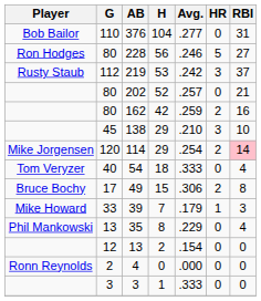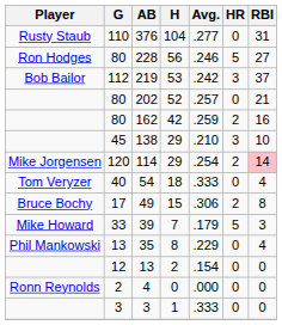 <table class="wikitable sortable">
 <tr>
 <th>Player</th>
 <th>G</th>
 <th>AB</th>
 <th>H</th>
 <th>Avg.</th>
 <th>HR</th>
 <th>RBI</th>
 </tr>
 <tr align="center">
-<td><a href='#'>Bob Bailor</a></td>
+<td><a href='#'>Rusty Staub</a></td>
 <td>110</td>
 <td>376</td>
 <td>104</td>
 <td>.277</td>
 <td>0</td>
 <td>31</td>
 </tr>
 <tr align=center>
 <td><a href='#'>Ron Hodges</a></td>
 <td>80</td>
 <td>228</td>
 <td>56</td>
 <td>.246</td>
 <td>5</td>
 <td>27</td>
 </tr>
 <tr align=center>
-<td><a href='#'>Rusty Staub</a></td>
+<td><a href='#'>Bob Bailor</a></td>
 <td>112</td>
 <td>219</td>
 <td>53</td>
 <td>.242</td>
 <td>3</td>
 <td>37</td>
 </tr>
 <tr align=center>
 <td></td>
 <td>80</td>
 <td>202</td>
 <td>52</td>
 <td>.257</td>
 <td>0</td>
 <td>21</td>
 </tr>
 <tr align="center">
 <td></td>
 <td>80</td>
 <td>162</td>
 <td>42</td>
 <td>.259</td>
 <td>2</td>
 <td>16</td>
 </tr>
 <tr align="center">
 <td></td>
 <td>45</td>
 <td>138</td>
 <td>29</td>
 <td>.210</td>
 <td>3</td>
 <td>10</td>
 </tr>
 <tr align="center">
 <td><a href='#'>Mike Jorgensen</a></td>
 <td>120</td>
 <td>114</td>
 <td>29</td>
 <td>.254</td>
 <td>2</td>
 <td style="background: pink;">14</td>
 </tr>
 <tr align=center>
 <td><a href='#'>Tom Veryzer</a></td>
 <td>40</td>
 <td>54</td>
 <td>18</td>
 <td>.333</td>
 <td>0</td>
 <td>4</td>
 </tr>
 <tr align=center>
 <td><a href='#'>Bruce Bochy</a></td>
 <td>17</td>
 <td>49</td>
 <td>15</td>
 <td>.306</td>
 <td>2</td>
 <td>8</td>
 </tr>
 <tr align=center>
 <td><a href='#'>Mike Howard</a></td>
 <td>33</td>
 <td>39</td>
 <td>7</td>
 <td>.179</td>
-<td>1</td>
+<td>5</td>
 <td>3</td>
 </tr>
 <tr align=center>
 <td><a href='#'>Phil Mankowski</a></td>
 <td>13</td>
 <td>35</td>
 <td>8</td>
 <td>.229</td>
 <td>0</td>
 <td>4</td>
 </tr>
 <tr align=center>
 <td></td>
 <td>12</td>
 <td>13</td>
 <td>2</td>
 <td>.154</td>
 <td>0</td>
 <td>0</td>
 </tr>
 <tr align="center">
 <td><a href='#'>Ronn Reynolds</a></td>
 <td>2</td>
 <td>4</td>
 <td>0</td>
 <td>.000</td>
 <td>0</td>
 <td>0</td>
 </tr>
 <tr align=center>
 <td></td>
 <td>3</td>
 <td>3</td>
 <td>1</td>
 <td>.333</td>
 <td>0</td>
 <td>0</td>
 </tr>
 <tr align="center">
 </tr>
 </table>
